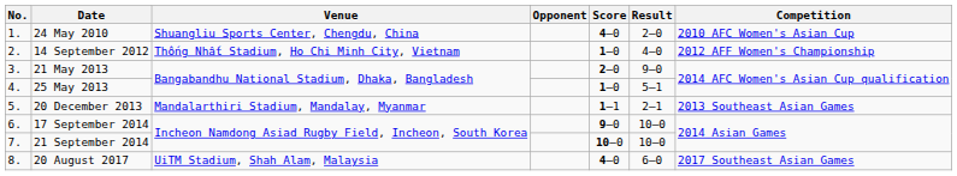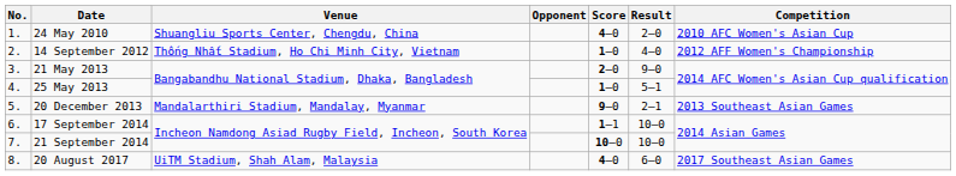 <table class="wikitable">
 <tr>
 <th>No.</th>
 <th>Date</th>
 <th>Venue</th>
 <th>Opponent</th>
 <th>Score</th>
 <th>Result</th>
 <th>Competition</th>
 </tr>
 <tr>
 <td>1.</td>
 <td>24 May 2010</td>
 <td><a href='#'>Shuangliu Sports Center</a>, <a href='#'>Chengdu</a>, <a href='#'>China</a></td>
 <td></td>
 <td align=center><strong>4</strong>–0</td>
 <td align=center>2–0</td>
 <td><a href='#'>2010 AFC Women's Asian Cup</a></td>
 </tr>
 <tr>
 <td>2.</td>
 <td>14 September 2012</td>
 <td><a href='#'>Thống Nhất Stadium</a>, <a href='#'>Ho Chi Minh City</a>, <a href='#'>Vietnam</a></td>
 <td></td>
 <td align=center><strong>1</strong>–0</td>
 <td align=center>4–0</td>
 <td><a href='#'>2012 AFF Women's Championship</a></td>
 </tr>
 <tr>
 <td>3.</td>
 <td>21 May 2013</td>
 <td rowspan="2"><a href='#'>Bangabandhu National Stadium</a>, <a href='#'>Dhaka</a>, <a href='#'>Bangladesh</a></td>
 <td></td>
 <td align=center><strong>2</strong>–0</td>
 <td align=center>9–0</td>
 <td rowspan="2"><a href='#'>2014 AFC Women's Asian Cup qualification</a></td>
 </tr>
 <tr>
 <td>4.</td>
 <td>25 May 2013</td>
 <td></td>
 <td align=center><strong>1</strong>–0</td>
 <td align=center>5–1</td>
 </tr>
 <tr>
 <td>5.</td>
 <td>20 December 2013</td>
 <td><a href='#'>Mandalarthiri Stadium</a>, <a href='#'>Mandalay</a>, <a href='#'>Myanmar</a></td>
 <td></td>
-<td align=center><strong>1</strong>–1</td>
+<td align=center><strong>9</strong>–0</td>
 <td align=center>2–1</td>
 <td><a href='#'>2013 Southeast Asian Games</a></td>
 </tr>
 <tr>
 <td>6.</td>
 <td>17 September 2014</td>
 <td rowspan="2"><a href='#'>Incheon Namdong Asiad Rugby Field</a>, <a href='#'>Incheon</a>, <a href='#'>South Korea</a></td>
 <td></td>
-<td align=center><strong>9</strong>–0</td>
+<td align=center><strong>1</strong>–1</td>
 <td align=center>10–0</td>
 <td rowspan="2"><a href='#'>2014 Asian Games</a></td>
 </tr>
 <tr>
 <td>7.</td>
 <td>21 September 2014</td>
 <td></td>
 <td align=center><strong>10</strong>–0</td>
 <td align=center>10–0</td>
 </tr>
 <tr>
 <td>8.</td>
 <td>20 August 2017</td>
 <td><a href='#'>UiTM Stadium</a>, <a href='#'>Shah Alam</a>, <a href='#'>Malaysia</a></td>
 <td></td>
 <td align=center><strong>4</strong>–0</td>
 <td align=center>6–0</td>
 <td><a href='#'>2017 Southeast Asian Games</a></td>
 </tr>
 </table>
